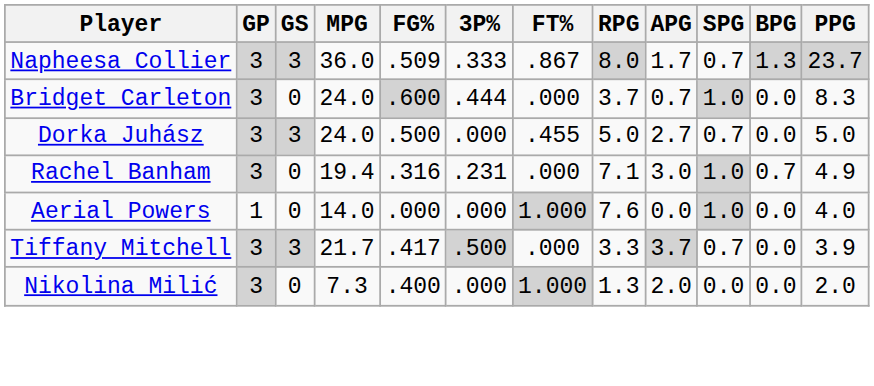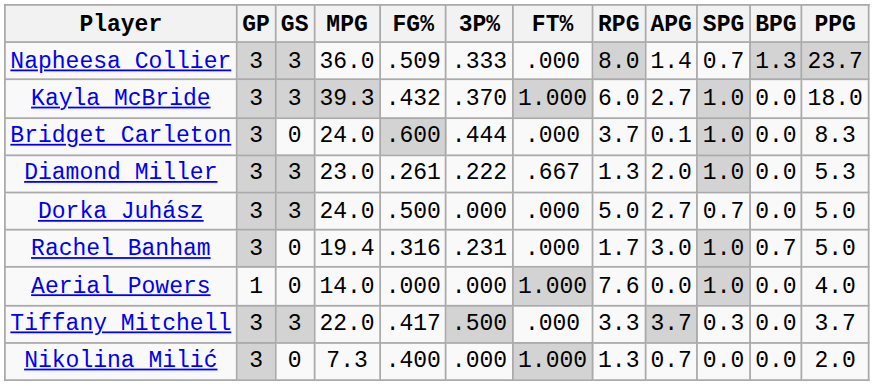 <table class="wikitable sortable" style="text-align:center;">
 <tr>
 <th>Player</th>
 <th>GP</th>
 <th>GS</th>
 <th>MPG</th>
 <th>FG%</th>
 <th>3P%</th>
 <th>FT%</th>
 <th>RPG</th>
 <th>APG</th>
 <th>SPG</th>
 <th>BPG</th>
 <th>PPG</th>
 </tr>
 <tr>
 <td><a href='#'>Napheesa Collier</a></td>
 <td style="background:#D3D3D3;">3</td>
 <td style="background:#D3D3D3;">3</td>
 <td>36.0</td>
 <td>.509</td>
 <td>.333</td>
-<td>.867</td>
+<td>.000</td>
 <td style="background:#D3D3D3;">8.0</td>
-<td>1.7</td>
+<td>1.4</td>
 <td>0.7</td>
 <td style="background:#D3D3D3;">1.3</td>
 <td style="background:#D3D3D3;">23.7</td>
+</tr>
+<tr>
+<td><a href='#'>Kayla McBride</a></td>
+<td style="background:#D3D3D3;">3</td>
+<td style="background:#D3D3D3;">3</td>
+<td style="background:#D3D3D3;">39.3</td>
+<td>.432</td>
+<td>.370</td>
+<td style="background:#D3D3D3;">1.000</td>
+<td>6.0</td>
+<td>2.7</td>
+<td style="background:#D3D3D3;">1.0</td>
+<td>0.0</td>
+<td>18.0</td>
 </tr>
 <tr>
 <td><a href='#'>Bridget Carleton</a></td>
 <td style="background:#D3D3D3;">3</td>
 <td>0</td>
 <td>24.0</td>
 <td style="background:#D3D3D3;">.600</td>
 <td>.444</td>
 <td>.000</td>
 <td>3.7</td>
-<td>0.7</td>
+<td>0.1</td>
 <td style="background:#D3D3D3;">1.0</td>
 <td>0.0</td>
 <td>8.3</td>
+</tr>
+<tr>
+<td><a href='#'>Diamond Miller</a></td>
+<td style="background:#D3D3D3;">3</td>
+<td style="background:#D3D3D3;">3</td>
+<td>23.0</td>
+<td>.261</td>
+<td>.222</td>
+<td>.667</td>
+<td>1.3</td>
+<td>2.0</td>
+<td style="background:#D3D3D3;">1.0</td>
+<td>0.0</td>
+<td>5.3</td>
 </tr>
 <tr>
 <td><a href='#'>Dorka Juhász</a></td>
 <td style="background:#D3D3D3;">3</td>
 <td style="background:#D3D3D3;">3</td>
 <td>24.0</td>
 <td>.500</td>
 <td>.000</td>
-<td>.455</td>
+<td>.000</td>
 <td>5.0</td>
 <td>2.7</td>
 <td>0.7</td>
 <td>0.0</td>
 <td>5.0</td>
 </tr>
 <tr>
 <td><a href='#'>Rachel Banham</a></td>
 <td style="background:#D3D3D3;">3</td>
 <td>0</td>
 <td>19.4</td>
 <td>.316</td>
 <td>.231</td>
 <td>.000</td>
-<td>7.1</td>
+<td>1.7</td>
 <td>3.0</td>
 <td style="background:#D3D3D3;">1.0</td>
 <td>0.7</td>
-<td>4.9</td>
+<td>5.0</td>
 </tr>
 <tr>
 <td><a href='#'>Aerial Powers</a></td>
 <td>1</td>
 <td>0</td>
 <td>14.0</td>
 <td>.000</td>
 <td>.000</td>
 <td style="background:#D3D3D3;">1.000</td>
 <td>7.6</td>
 <td>0.0</td>
 <td style="background:#D3D3D3;">1.0</td>
 <td>0.0</td>
 <td>4.0</td>
 </tr>
 <tr>
 <td><a href='#'>Tiffany Mitchell</a></td>
 <td style="background:#D3D3D3;">3</td>
 <td style="background:#D3D3D3;">3</td>
-<td>21.7</td>
+<td>22.0</td>
 <td>.417</td>
 <td style="background:#D3D3D3;">.500</td>
 <td>.000</td>
 <td>3.3</td>
 <td style="background:#D3D3D3;">3.7</td>
-<td>0.7</td>
+<td>0.3</td>
 <td>0.0</td>
-<td>3.9</td>
+<td>3.7</td>
 </tr>
 <tr>
 <td><a href='#'>Nikolina Milić</a></td>
 <td style="background:#D3D3D3;">3</td>
 <td>0</td>
 <td>7.3</td>
 <td>.400</td>
 <td>.000</td>
 <td style="background:#D3D3D3;">1.000</td>
 <td>1.3</td>
-<td>2.0</td>
+<td>0.7</td>
 <td>0.0</td>
 <td>0.0</td>
 <td>2.0</td>
 </tr>
 </table>
